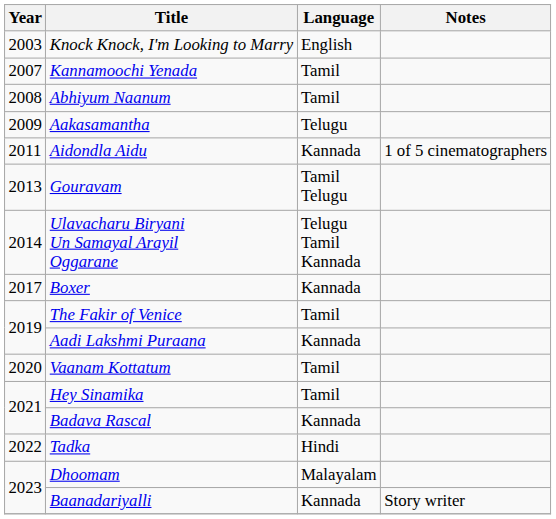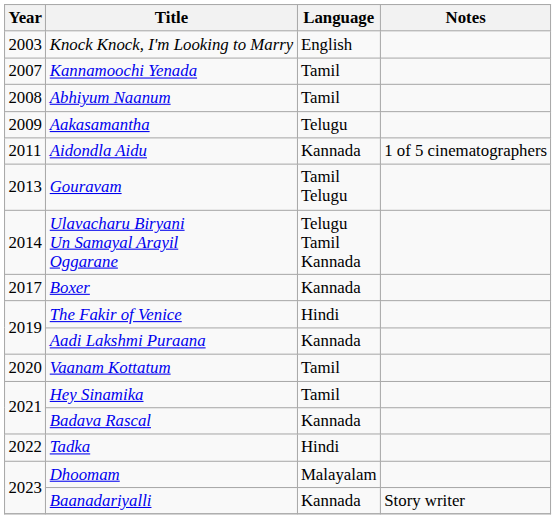 <table class="wikitable">
 <tr>
 <th>Year</th>
 <th>Title</th>
 <th>Language</th>
 <th>Notes</th>
 </tr>
 <tr>
 <td>2003</td>
 <td><em>Knock Knock, I'm Looking to Marry</em></td>
 <td>English</td>
 <td></td>
 </tr>
 <tr>
 <td>2007</td>
 <td><em><a href='#'>Kannamoochi Yenada</a></em></td>
 <td>Tamil</td>
 <td></td>
 </tr>
 <tr>
 <td>2008</td>
 <td><em><a href='#'>Abhiyum Naanum</a></em></td>
 <td>Tamil</td>
 <td></td>
 </tr>
 <tr>
 <td>2009</td>
 <td><em><a href='#'>Aakasamantha</a></em></td>
 <td>Telugu</td>
 <td></td>
 </tr>
 <tr>
 <td>2011</td>
 <td><em><a href='#'>Aidondla Aidu</a></em></td>
 <td>Kannada</td>
 <td>1 of 5 cinematographers</td>
 </tr>
 <tr>
 <td>2013</td>
 <td><em><a href='#'>Gouravam</a></em></td>
 <td>Tamil<br>Telugu</td>
 <td></td>
 </tr>
 <tr>
 <td>2014</td>
 <td><em><a href='#'>Ulavacharu Biryani</a></em><br><em><a href='#'>Un Samayal Arayil</a></em><br><em><a href='#'>Oggarane</a></em></td>
 <td>Telugu<br>Tamil<br>Kannada</td>
 <td></td>
 </tr>
 <tr>
 <td>2017</td>
 <td><em><a href='#'>Boxer</a></em></td>
 <td>Kannada</td>
 <td></td>
 </tr>
 <tr>
 <td rowspan="2”">2019</td>
 <td><em><a href='#'>The Fakir of Venice</a></em></td>
-<td>Tamil</td>
+<td>Hindi</td>
 <td></td>
 </tr>
 <tr>
 <td><em><a href='#'>Aadi Lakshmi Puraana</a></em></td>
 <td>Kannada</td>
 <td></td>
 </tr>
 <tr>
 <td>2020</td>
 <td><em><a href='#'>Vaanam Kottatum</a></em></td>
 <td>Tamil</td>
 <td></td>
 </tr>
 <tr>
 <td rowspan="2">2021</td>
 <td><em><a href='#'>Hey Sinamika</a></em></td>
 <td>Tamil</td>
 <td></td>
 </tr>
 <tr>
 <td><em><a href='#'>Badava Rascal</a></em></td>
 <td>Kannada</td>
 <td></td>
 </tr>
 <tr>
 <td>2022</td>
 <td><em><a href='#'>Tadka</a></em></td>
 <td>Hindi</td>
 <td></td>
 </tr>
 <tr>
 <td rowspan="2">2023</td>
 <td><em><a href='#'>Dhoomam</a></em></td>
 <td>Malayalam</td>
 <td></td>
 </tr>
 <tr>
 <td><em><a href='#'>Baanadariyalli</a></em></td>
 <td>Kannada</td>
 <td>Story writer </td>
 </tr>
 <tr>
 </tr>
 </table>
